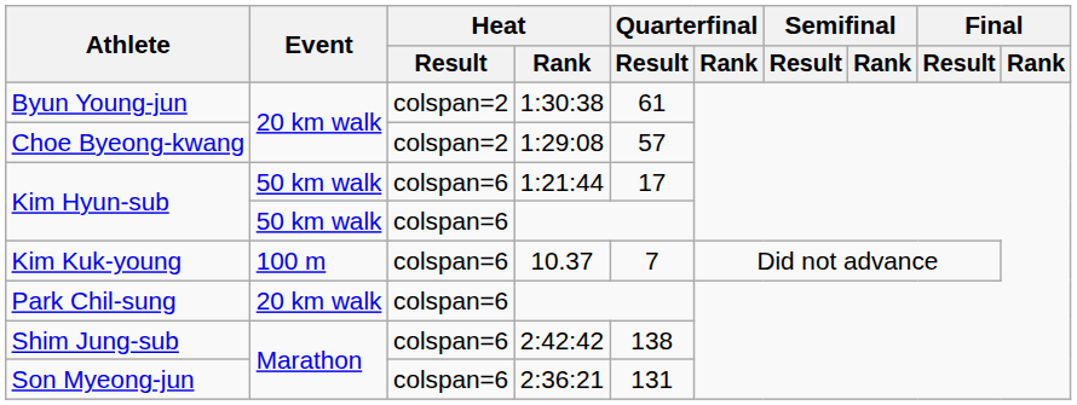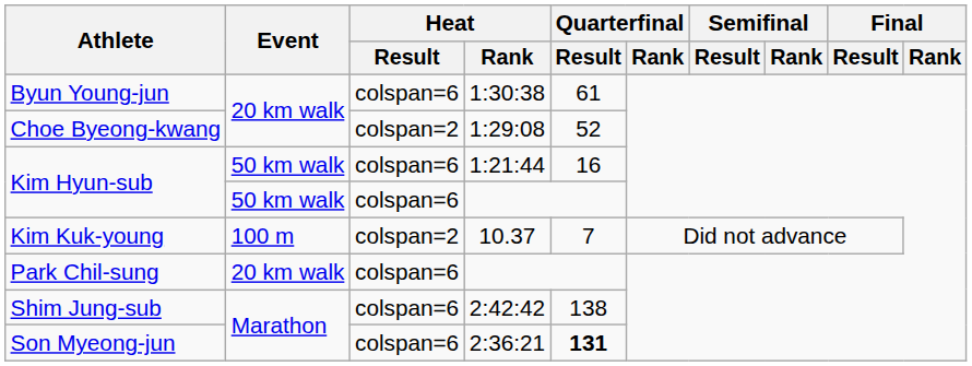 <table class="wikitable" style="font-size:90%">
 <tr>
 <th rowspan="2">Athlete</th>
 <th rowspan="2">Event</th>
 <th colspan="2">Heat</th>
 <th colspan="2">Quarterfinal</th>
 <th colspan="2">Semifinal</th>
 <th colspan="2">Final</th>
 </tr>
 <tr style="font-size:95%">
 <th>Result</th>
 <th>Rank</th>
 <th>Result</th>
 <th>Rank</th>
 <th>Result</th>
 <th>Rank</th>
 <th>Result</th>
 <th>Rank</th>
 </tr>
 <tr align=center>
 <td align=left><a href='#'>Byun Young-jun</a></td>
 <td align=left rowspan=2><a href='#'>20 km walk</a></td>
-<td>colspan=2 </td>
+<td>colspan=6 </td>
 <td>1:30:38</td>
 <td>61</td>
 </tr>
 <tr align=center>
 <td align=left><a href='#'>Choe Byeong-kwang</a></td>
 <td>colspan=2 </td>
 <td>1:29:08</td>
-<td>57</td>
+<td>52</td>
 </tr>
 <tr align=center>
 <td align=left rowspan=2><a href='#'>Kim Hyun-sub</a></td>
 <td align=left><a href='#'>50 km walk</a></td>
 <td>colspan=6 </td>
 <td>1:21:44</td>
-<td>17</td>
+<td>16</td>
 </tr>
 <tr align=center>
 <td align=left><a href='#'>50 km walk</a></td>
 <td>colspan=6 </td>
 <td colspan=2></td>
 </tr>
 <tr align=center>
 <td align=left><a href='#'>Kim Kuk-young</a></td>
 <td align=left><a href='#'>100 m</a></td>
-<td>colspan=6 </td>
+<td>colspan=2 </td>
 <td>10.37</td>
 <td>7</td>
 <td colspan=4>Did not advance</td>
 </tr>
 <tr align=center>
 <td align=left><a href='#'>Park Chil-sung</a></td>
 <td align=left><a href='#'>20 km walk</a></td>
 <td>colspan=6 </td>
 <td colspan=2></td>
 </tr>
 <tr align=center>
 <td align=left><a href='#'>Shim Jung-sub</a></td>
 <td align=left rowspan=2><a href='#'>Marathon</a></td>
 <td>colspan=6 </td>
 <td>2:42:42</td>
 <td>138</td>
 </tr>
 <tr align=center>
 <td align=left><a href='#'>Son Myeong-jun</a></td>
 <td>colspan=6 </td>
 <td>2:36:21</td>
-<td>131</td>
+<td><strong>131</strong></td>
 </tr>
 </table>
